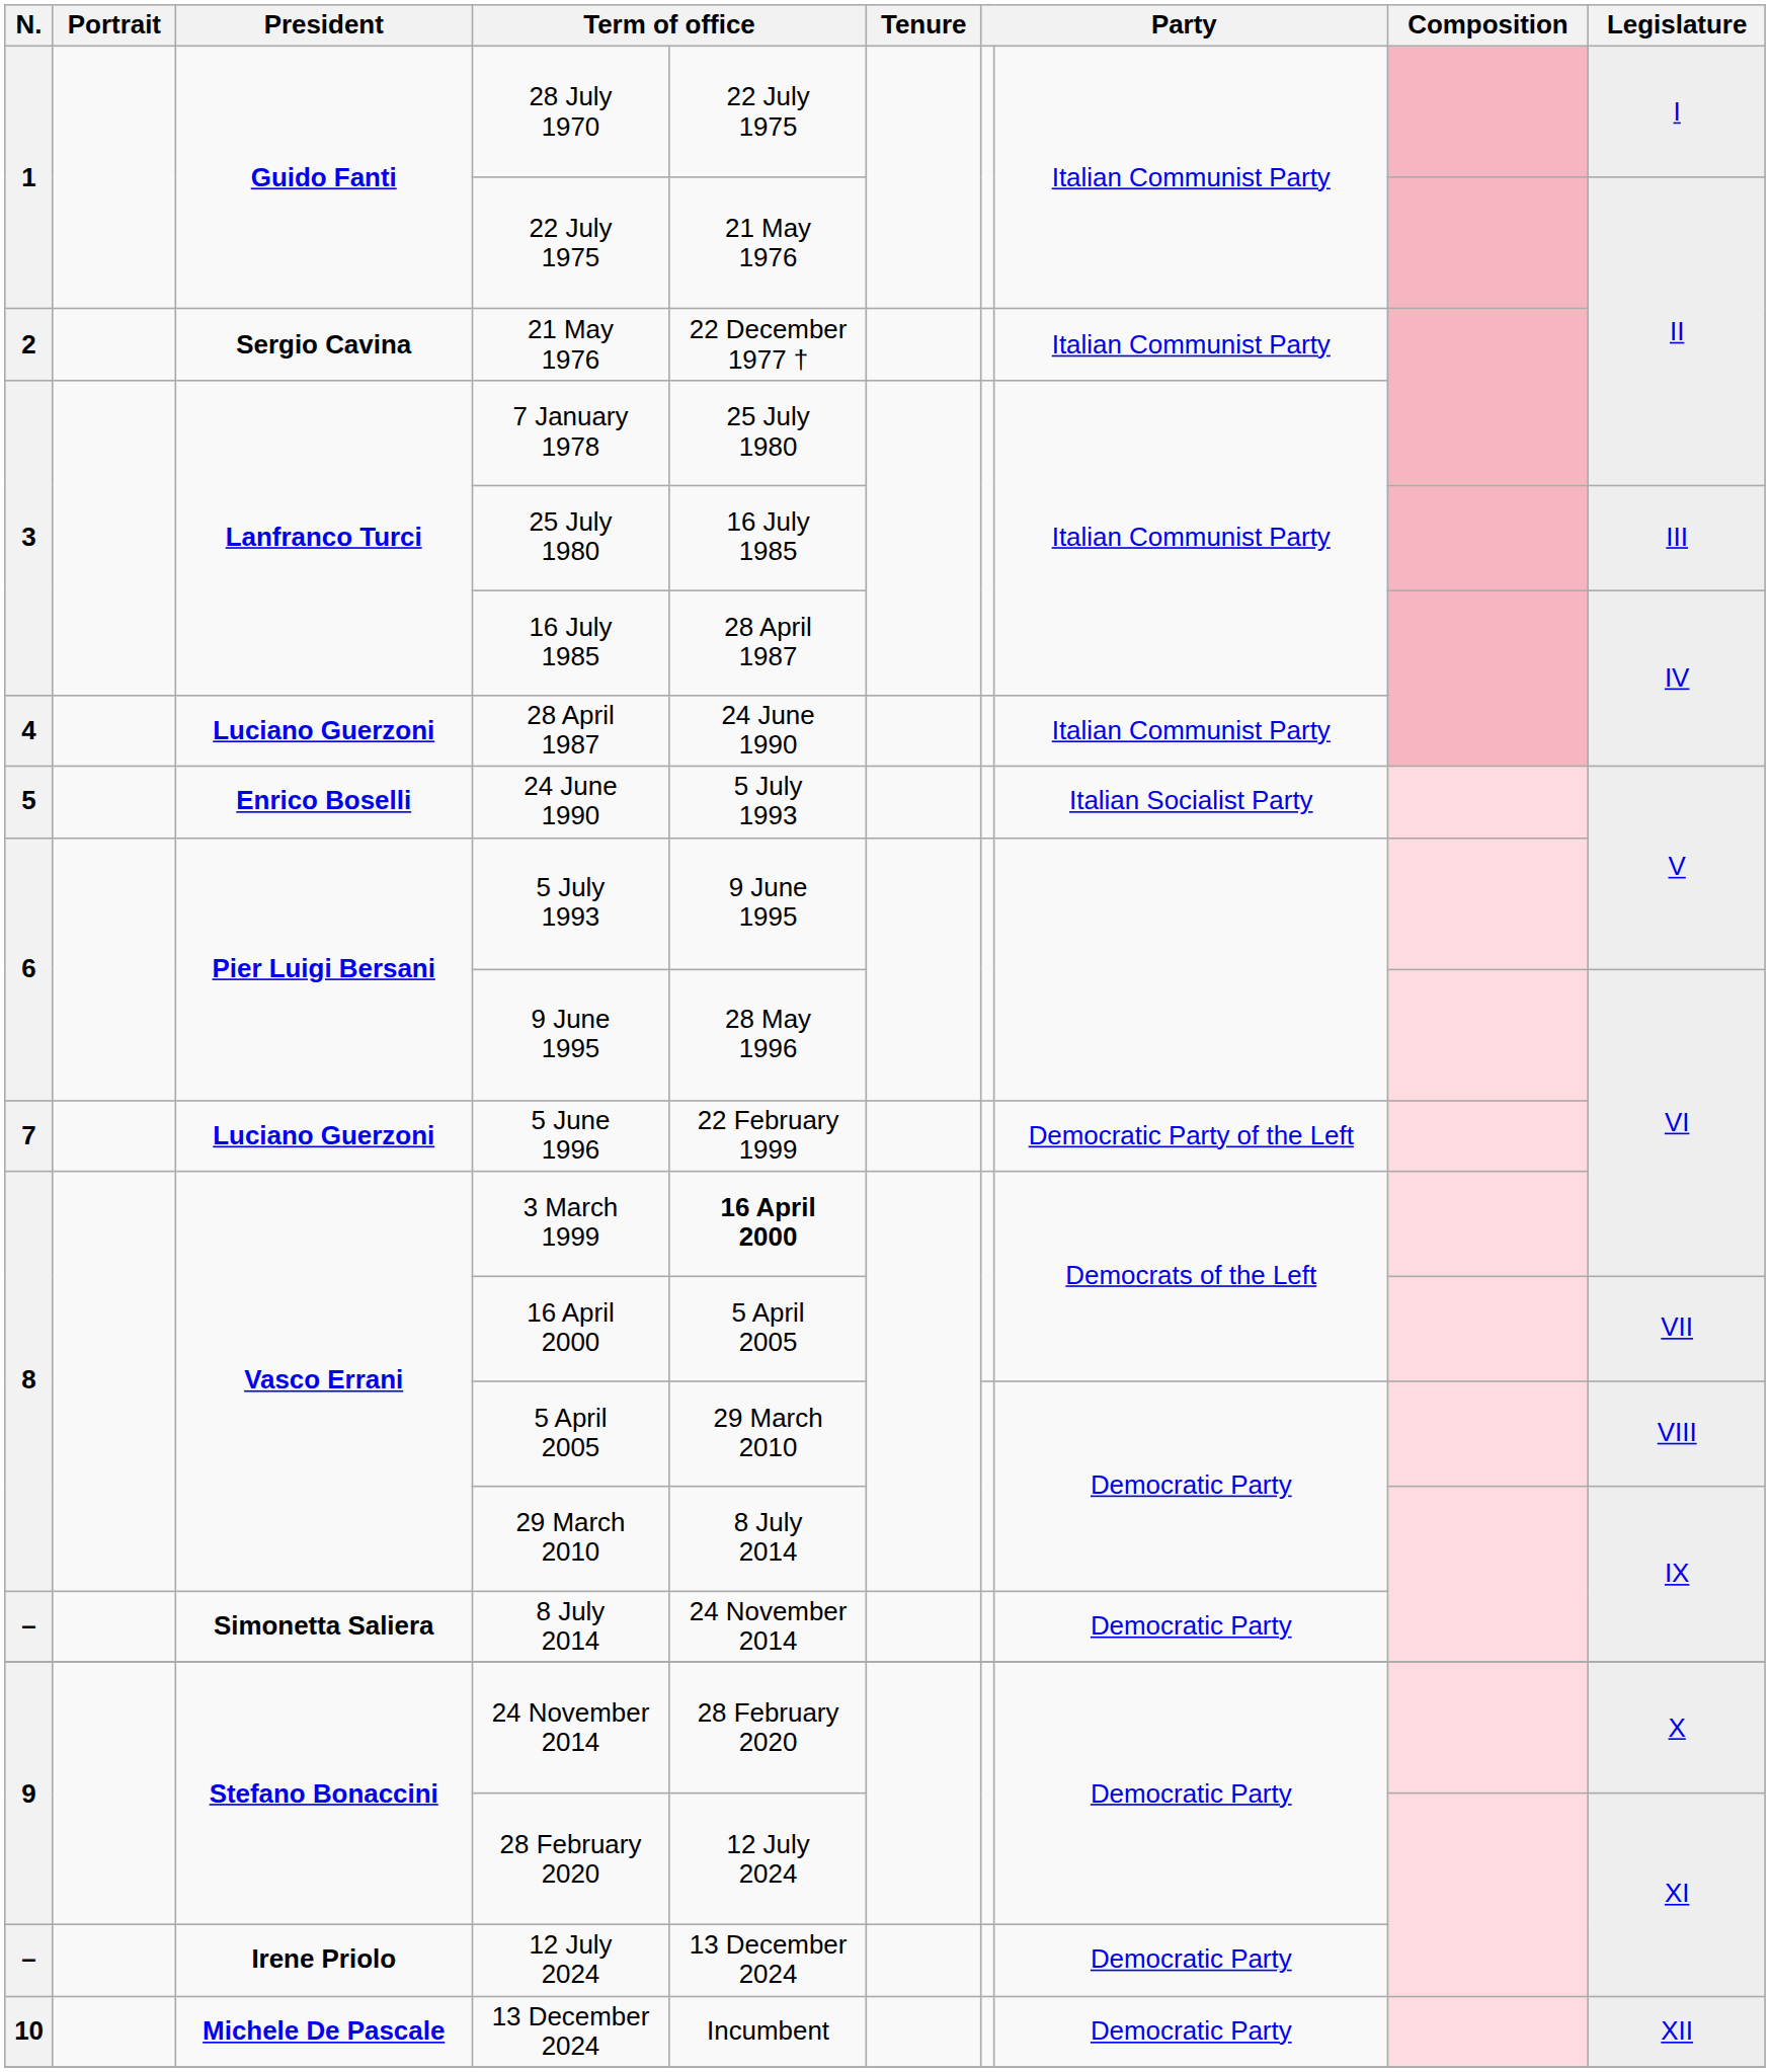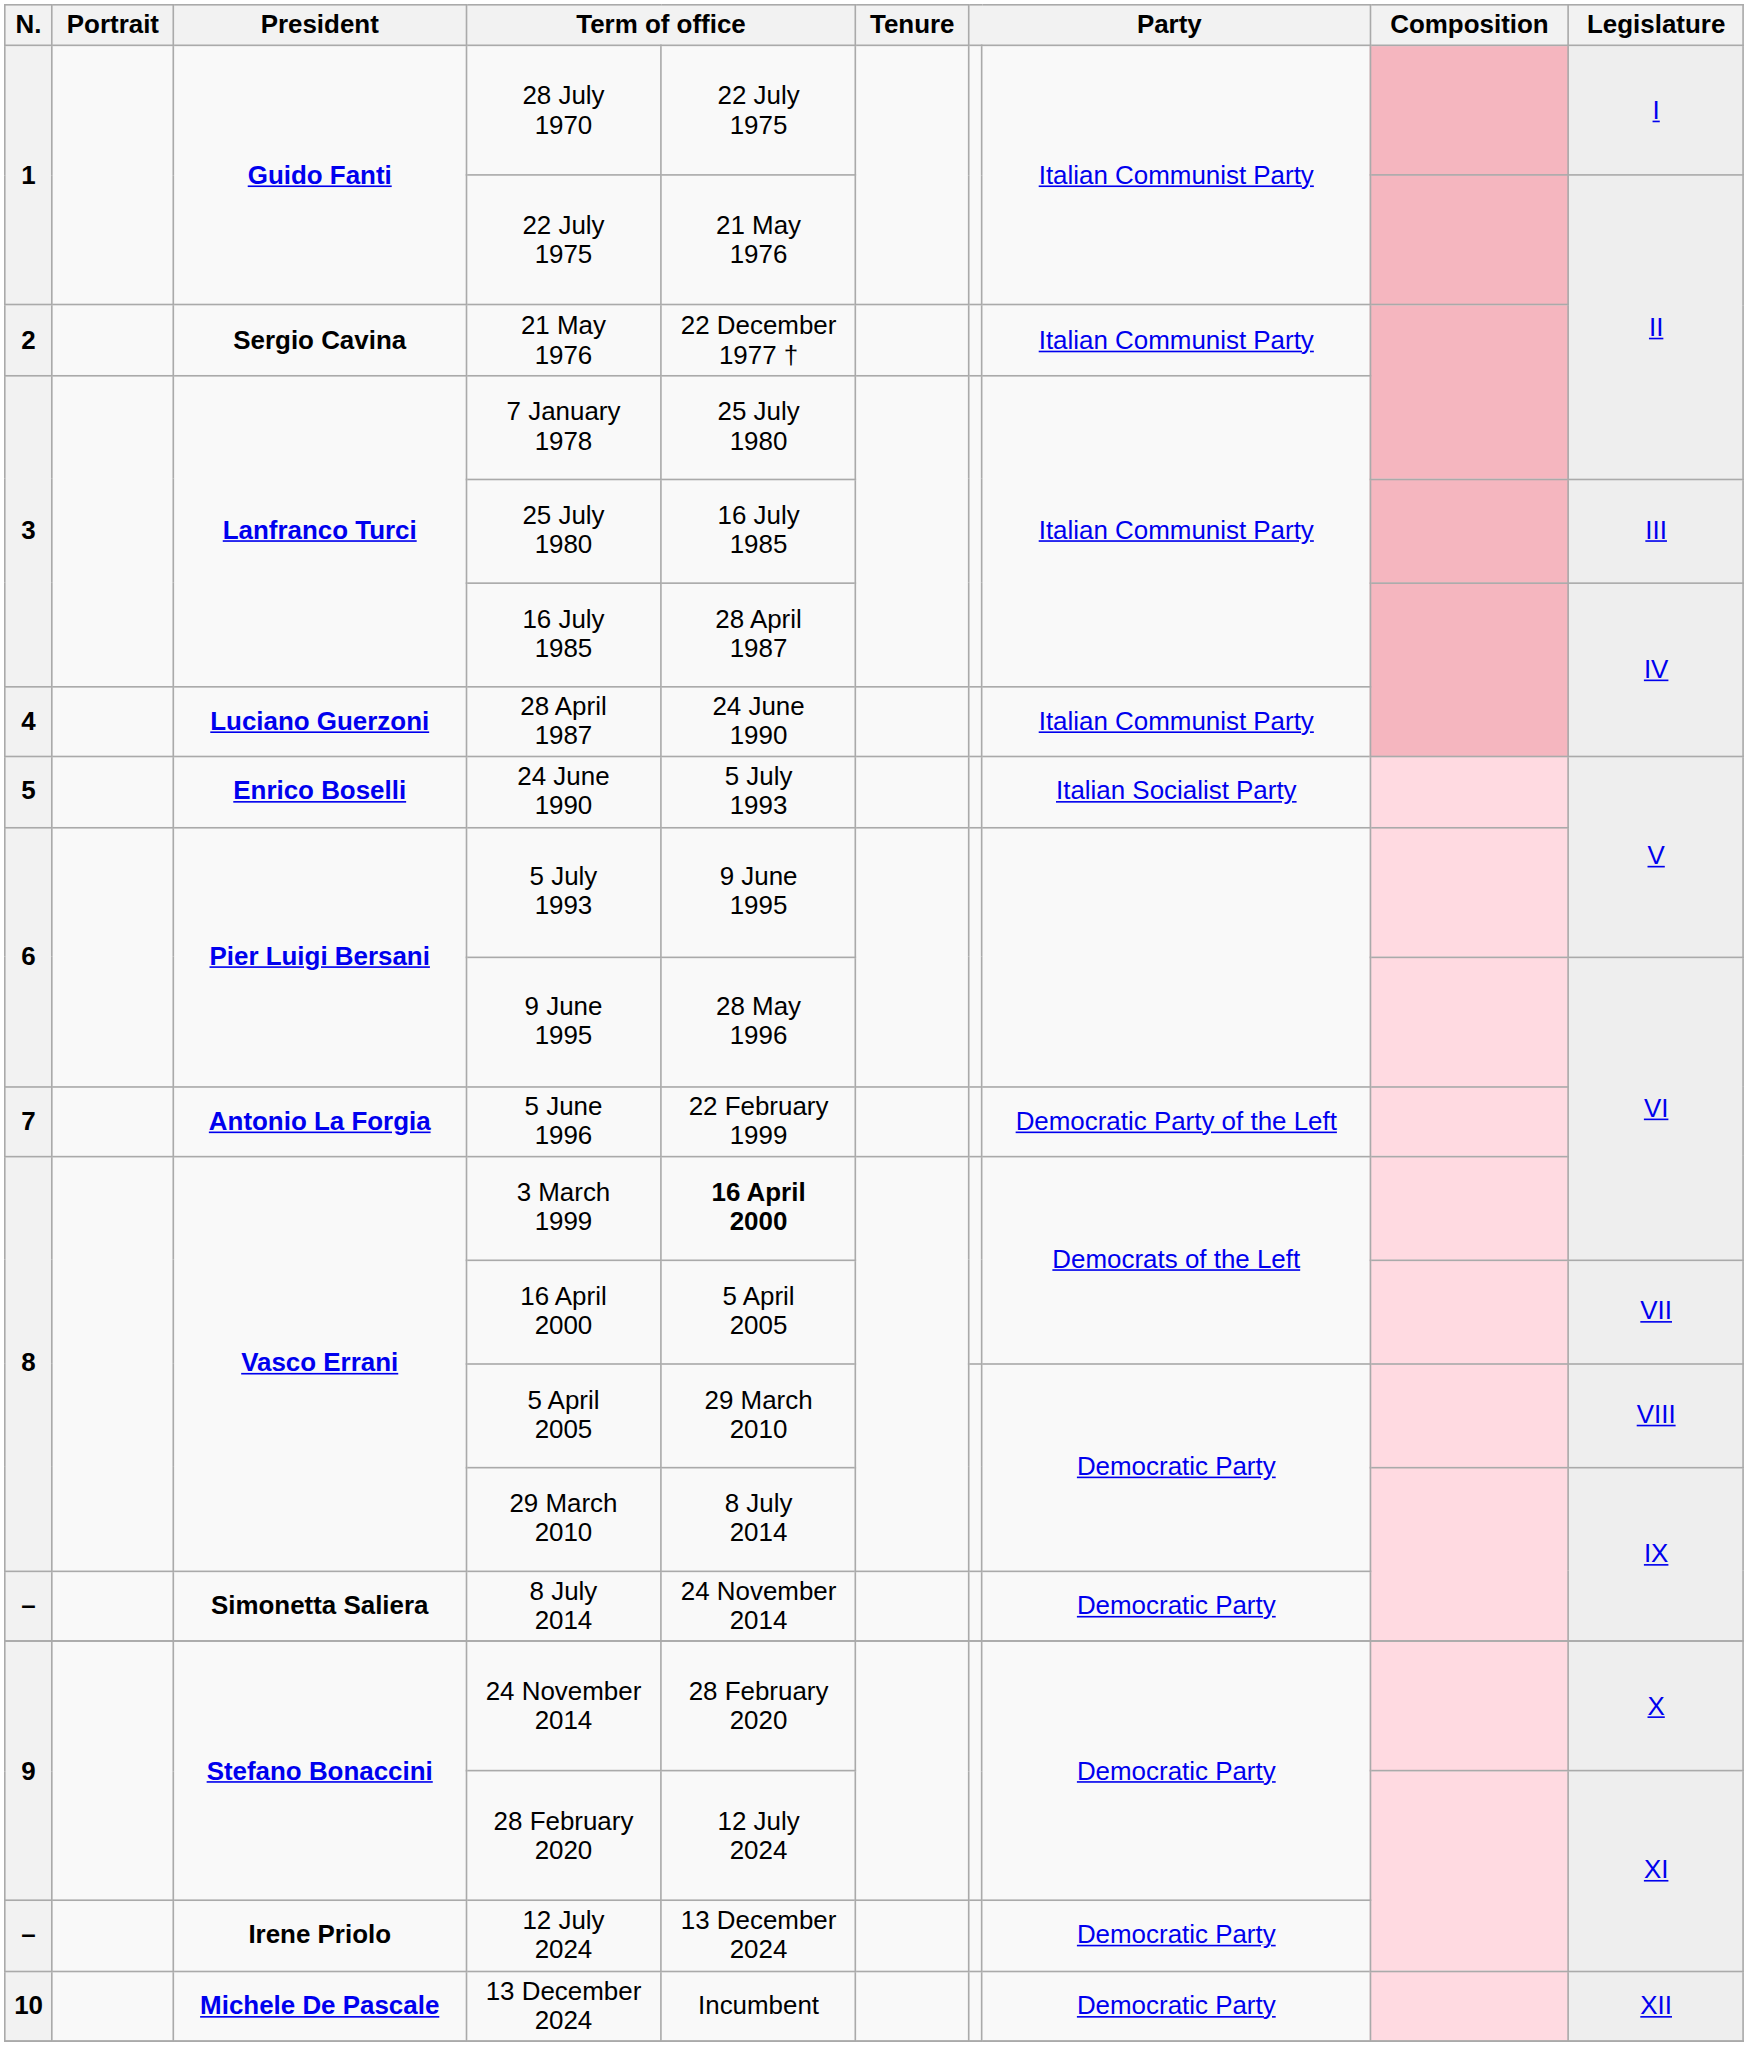 <table class=wikitable style=text-align:center width=85%>
 <tr>
 <th>N.</th>
 <th>Portrait</th>
 <th>President</th>
 <th colspan=2>Term of office</th>
 <th>Tenure<br></th>
 <th colspan=2>Party</th>
 <th>Composition</th>
 <th>Legislature</th>
 </tr>
 <tr style="height:5em;">
 <th rowspan=2>1</th>
 <td rowspan=2></td>
 <td rowspan=2><strong><a href='#'>Guido Fanti</a></strong><br></td>
 <td>28 July<br>1970</td>
 <td>22 July<br>1975</td>
 <td rowspan=2></td>
 <td rowspan=2></td>
 <td rowspan=2><a href='#'>Italian Communist Party</a></td>
 <td bgcolor=#F5B6BF></td>
 <td bgcolor=#EEEEEE><a href='#'>I<br></a></td>
 </tr>
 <tr style="height:5em;">
 <td>22 July<br>1975</td>
 <td>21 May<br>1976</td>
 <td bgcolor=#F5B6BF></td>
 <td rowspan=3 bgcolor=#EEEEEE><a href='#'>II<br></a></td>
 </tr>
 <tr>
 <th>2</th>
 <td></td>
 <td><strong>Sergio Cavina</strong><br></td>
 <td>21 May<br>1976</td>
 <td>22 December<br>1977 †</td>
 <td></td>
 <td></td>
 <td><a href='#'>Italian Communist Party</a></td>
 <td rowspan=2 bgcolor=#F5B6BF></td>
 </tr>
 <tr style="height:4em;">
 <th rowspan=3>3</th>
 <td rowspan=3></td>
 <td rowspan=3><strong><a href='#'>Lanfranco Turci</a></strong><br></td>
 <td>7 January<br>1978</td>
 <td>25 July<br>1980</td>
 <td rowspan=3></td>
 <td rowspan=3></td>
 <td rowspan=3><a href='#'>Italian Communist Party</a></td>
 </tr>
 <tr style="height:4em;">
 <td>25 July<br>1980</td>
 <td>16 July<br>1985</td>
 <td bgcolor=#F5B6BF></td>
 <td bgcolor=#EEEEEE><a href='#'>III<br></a></td>
 </tr>
 <tr style="height:4em;">
 <td>16 July<br>1985</td>
 <td>28 April<br>1987</td>
 <td rowspan=2 bgcolor=#F5B6BF></td>
 <td rowspan=2 bgcolor=#EEEEEE><a href='#'>IV<br></a></td>
 </tr>
 <tr>
 <th>4</th>
 <td></td>
 <td><strong><a href='#'>Luciano Guerzoni</a></strong><br></td>
 <td>28 April<br>1987</td>
 <td>24 June<br>1990</td>
 <td></td>
 <td></td>
 <td><a href='#'>Italian Communist Party</a></td>
 </tr>
 <tr>
 <th>5</th>
 <td></td>
 <td><strong><a href='#'>Enrico Boselli</a></strong><br></td>
 <td>24 June<br>1990</td>
 <td>5 July<br>1993</td>
 <td></td>
 <td></td>
 <td><a href='#'>Italian Socialist Party</a></td>
 <td bgcolor=#FFDAE1></td>
 <td rowspan=2 bgcolor=#EEEEEE><a href='#'>V<br></a></td>
 </tr>
 <tr style="height:5em;">
 <th rowspan=2>6</th>
 <td rowspan=2></td>
 <td rowspan=2><strong><a href='#'>Pier Luigi Bersani</a></strong><br></td>
 <td>5 July<br>1993</td>
 <td>9 June<br>1995</td>
 <td rowspan=2></td>
 <td rowspan=2></td>
 <td rowspan=2></td>
 <td bgcolor=#FFDAE1></td>
 </tr>
 <tr style="height:5em;">
 <td>9 June<br>1995</td>
 <td>28 May<br>1996</td>
 <td bgcolor=#FFDAE1></td>
 <td rowspan=3 bgcolor=#EEEEEE><a href='#'>VI<br></a></td>
 </tr>
 <tr>
 <th>7</th>
 <td></td>
-<td><strong><a href='#'>Luciano Guerzoni</a></strong><br></td>
+<td><strong><a href='#'>Antonio La Forgia</a></strong><br></td>
 <td>5 June<br>1996</td>
 <td>22 February<br>1999</td>
 <td></td>
 <td></td>
 <td><a href='#'>Democratic Party of the Left</a></td>
 <td bgcolor=#FFDAE1></td>
 </tr>
 <tr style="height:4em;">
 <th rowspan=4>8</th>
 <td rowspan=4></td>
 <td rowspan=4><strong><a href='#'>Vasco Errani</a></strong><br></td>
 <td>3 March<br>1999</td>
 <td><strong>16 April<br>2000</strong></td>
 <td rowspan=4></td>
 <td rowspan=2></td>
 <td rowspan=2><a href='#'>Democrats of the Left</a></td>
 <td bgcolor=#FFDAE1></td>
 </tr>
 <tr style="height:4em;">
 <td>16 April<br>2000</td>
 <td>5 April<br>2005</td>
 <td bgcolor=#FFDAE1></td>
 <td bgcolor=#EEEEEE><a href='#'>VII<br></a></td>
 </tr>
 <tr style="height:4em;">
 <td>5 April<br>2005</td>
 <td>29 March<br>2010</td>
 <td rowspan=2></td>
 <td rowspan=2><a href='#'>Democratic Party</a></td>
 <td bgcolor=#FFDAE1></td>
 <td bgcolor=#EEEEEE><a href='#'>VIII<br></a></td>
 </tr>
 <tr style="height:4em;">
 <td>29 March<br>2010</td>
 <td>8 July<br>2014</td>
 <td rowspan=2 bgcolor=#FFDAE1></td>
 <td rowspan=2 bgcolor=#EEEEEE><a href='#'>IX<br></a></td>
 </tr>
 <tr>
 <th>–</th>
 <td></td>
 <td><strong>Simonetta Saliera</strong><br></td>
 <td>8 July<br>2014</td>
 <td>24 November<br>2014</td>
 <td></td>
 <td></td>
 <td><a href='#'>Democratic Party</a></td>
 </tr>
 <tr>
 </tr>
 <tr style="height:5em;">
 <th rowspan=2>9</th>
 <td rowspan=2></td>
 <td rowspan=2><strong><a href='#'>Stefano Bonaccini</a></strong><br></td>
 <td>24 November<br>2014</td>
 <td>28 February<br>2020</td>
 <td rowspan=2></td>
 <td rowspan=2></td>
 <td rowspan=2><a href='#'>Democratic Party</a></td>
 <td bgcolor=#FFDAE1></td>
 <td bgcolor=#EEEEEE><a href='#'>X<br></a></td>
 </tr>
 <tr style="height:5em;">
 <td>28 February<br>2020</td>
 <td>12 July<br>2024</td>
 <td rowspan=2 bgcolor=#FFDAE1></td>
 <td rowspan=2 bgcolor=#EEEEEE><a href='#'>XI<br></a></td>
 </tr>
 <tr>
 <th>–</th>
 <td></td>
 <td><strong>Irene Priolo</strong><br></td>
 <td>12 July<br>2024</td>
 <td>13 December<br>2024</td>
 <td></td>
 <td></td>
 <td><a href='#'>Democratic Party</a></td>
 </tr>
 <tr>
 <th>10</th>
 <td></td>
 <td><strong><a href='#'>Michele De Pascale</a></strong><br></td>
 <td>13 December<br>2024</td>
 <td>Incumbent</td>
 <td></td>
 <td></td>
 <td><a href='#'>Democratic Party</a></td>
 <td bgcolor=#FFDAE1></td>
 <td bgcolor=#EEEEEE><a href='#'>XII<br></a></td>
 </tr>
 <tr>
 </tr>
 </table>
